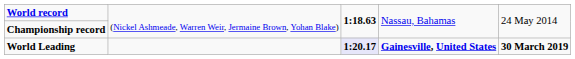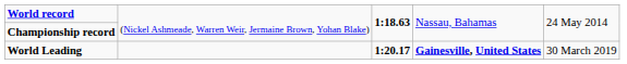 <table class="wikitable">
 <tr>
 <td><strong><a href='#'>World record</a></strong></td>
 <td rowspan=2><br><small>(<a href='#'>Nickel Ashmeade</a>, <a href='#'>Warren Weir</a>, <a href='#'>Jermaine Brown</a>, <a href='#'>Yohan Blake</a>)</small></td>
 <td rowspan=2><strong>1:18.63</strong></td>
 <td rowspan=2> <a href='#'>Nassau, Bahamas</a></td>
 <td rowspan=2>24 May 2014</td>
 </tr>
 <tr>
 <td><strong>Championship record</strong></td>
 </tr>
 <tr>
 <td><strong>World Leading</strong></td>
 <td></td>
-<td style="background: lavender;"><strong>1:20.17</strong></td>
+<td><strong>1:20.17</strong></td>
 <td><strong> <a href='#'>Gainesville</a>, <a href='#'>United States</a></strong></td>
-<td><strong>30 March 2019</strong></td>
+<td>30 March 2019</td>
 </tr>
 </table>
